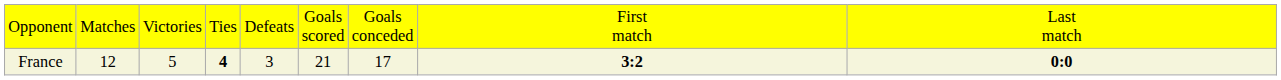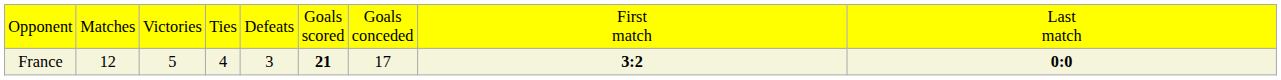 <table class="wikitable">
 <tr style="background: yellow;">
 <td align=center>Opponent</td>
 <td align=center>Matches</td>
 <td align=center>Victories</td>
 <td align=center>Ties</td>
 <td align=center>Defeats</td>
 <td align=center>Goals scored</td>
 <td align=center>Goals conceded</td>
 <td style="width:40%" align=center>First<br> match</td>
 <td style="width:40%" align=center>Last<br> match</td>
 </tr>
 <tr>
 <td align=center bgcolor=#f5f5dc>France</td>
 <td align=center bgcolor=#f5f5dc>12</td>
 <td align=center bgcolor=#f5f5dc>5</td>
-<td align=center bgcolor=#f5f5dc><strong>4</strong></td>
+<td align=center bgcolor=#f5f5dc>4</td>
 <td align=center bgcolor=#f5f5dc>3</td>
-<td align=center bgcolor=#f5f5dc>21</td>
+<td align=center bgcolor=#f5f5dc><strong>21</strong></td>
 <td align=center bgcolor=#f5f5dc>17</td>
 <td align=center bgcolor=#f5f5dc><strong>3:2</strong> </td>
 <td align=center bgcolor=#f5f5dc><strong>0:0</strong> </td>
 </tr>
 </table>
